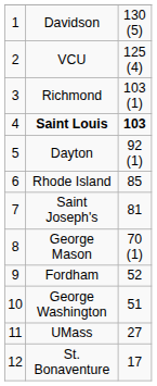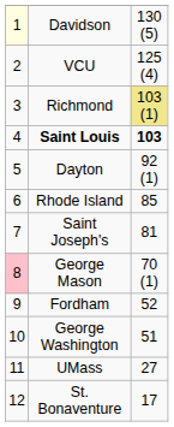 <table class="wikitable" style="width: 20%;text-align: center;">
 <tr align="center">
 </tr>
 <tr align="center">
-<td>1</td>
+<td style="background: lightyellow;">1</td>
 <td>Davidson</td>
 <td>130 (5)</td>
 </tr>
 <tr>
 <td>2</td>
 <td>VCU</td>
 <td>125 (4)</td>
 </tr>
 <tr>
 <td>3</td>
 <td>Richmond</td>
-<td>103 (1)</td>
+<td style="background: khaki;">103 (1)</td>
 </tr>
 <tr>
 <td>4</td>
 <td><strong>Saint Louis</strong></td>
 <td><strong>103</strong></td>
 </tr>
 <tr>
 <td>5</td>
 <td>Dayton</td>
 <td>92 (1)</td>
 </tr>
 <tr>
 <td>6</td>
 <td>Rhode Island</td>
 <td>85</td>
 </tr>
 <tr>
 <td>7</td>
 <td>Saint Joseph's</td>
 <td>81</td>
 </tr>
 <tr>
-<td>8</td>
+<td style="background: pink;">8</td>
 <td>George Mason</td>
 <td>70 (1)</td>
 </tr>
 <tr>
 <td>9</td>
 <td>Fordham</td>
 <td>52</td>
 </tr>
 <tr>
 <td>10</td>
 <td>George Washington</td>
 <td>51</td>
 </tr>
 <tr>
 <td>11</td>
 <td>UMass</td>
 <td>27</td>
 </tr>
 <tr>
 <td>12</td>
 <td>St. Bonaventure</td>
 <td>17</td>
 </tr>
 </table>
